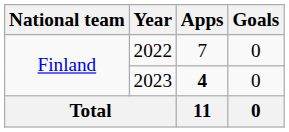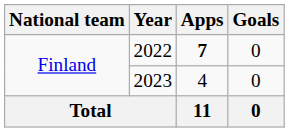 <table class="wikitable" style="text-align: center;">
 <tr>
 <th>National team</th>
 <th>Year</th>
 <th>Apps</th>
 <th>Goals</th>
 </tr>
 <tr>
 <td rowspan="2"><a href='#'>Finland</a></td>
 <td>2022</td>
-<td>7</td>
+<td><strong>7</strong></td>
 <td>0</td>
 </tr>
 <tr>
 <td>2023</td>
-<td><strong>4</strong></td>
+<td>4</td>
 <td>0</td>
 </tr>
 <tr>
 <th colspan="2">Total</th>
 <th>11</th>
 <th>0</th>
 </tr>
 </table>
